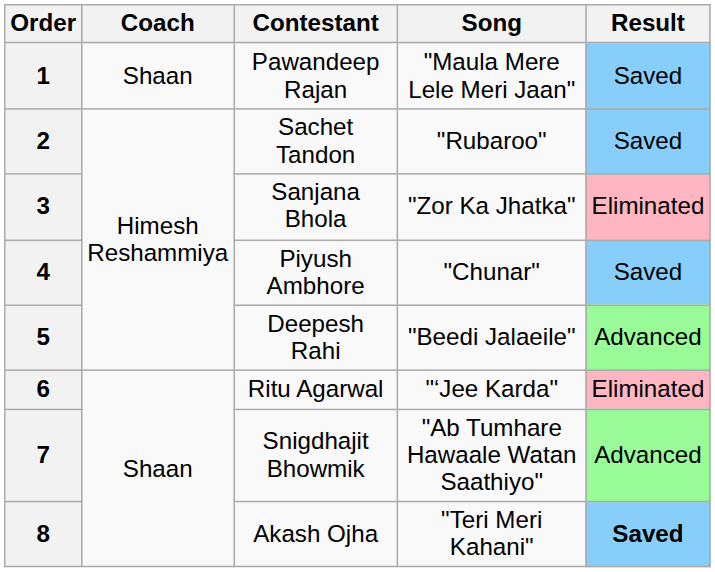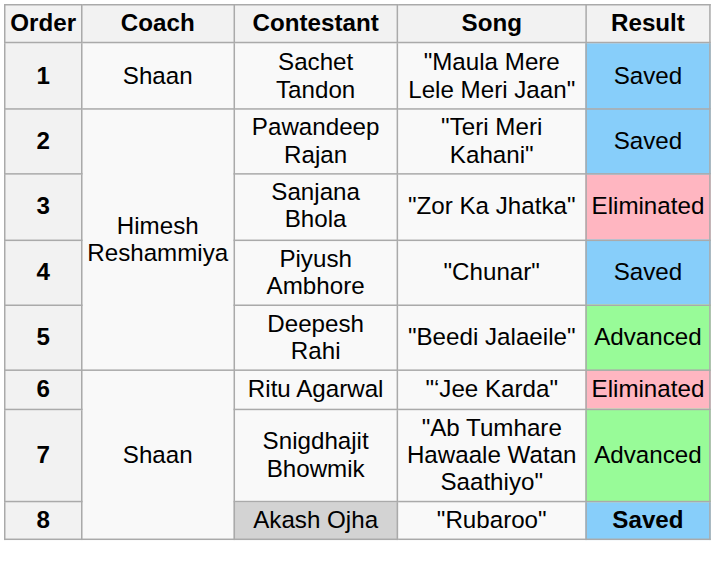 <table class="wikitable" style="width:75%; text-align:center;">
 <tr>
 <th width="040">Order</th>
 <th width="060">Coach</th>
 <th width="150">Contestant</th>
 <th width="250">Song</th>
 <th width="070">Result</th>
 </tr>
 <tr>
 <th>1</th>
 <td rowspan=1>Shaan</td>
-<td>Pawandeep Rajan</td>
+<td>Sachet Tandon</td>
 <td>"Maula Mere Lele Meri Jaan"</td>
 <td bgcolor="87CEFA">Saved</td>
 </tr>
 <tr>
 <th>2</th>
 <td rowspan=4>Himesh Reshammiya</td>
-<td>Sachet Tandon</td>
-<td>"Rubaroo"</td>
+<td>Pawandeep Rajan</td>
+<td>"Teri Meri Kahani"</td>
 <td bgcolor="87CEFA">Saved</td>
 </tr>
 <tr>
 <th>3</th>
 <td>Sanjana Bhola</td>
 <td>"Zor Ka Jhatka"</td>
 <td bgcolor="FFB6C1">Eliminated</td>
 </tr>
 <tr>
 <th>4</th>
 <td>Piyush Ambhore</td>
 <td>"Chunar"</td>
 <td bgcolor="87CEFA">Saved</td>
 </tr>
 <tr>
 <th>5</th>
 <td>Deepesh Rahi</td>
 <td>"Beedi Jalaeile"</td>
 <td bgcolor="98FB98">Advanced</td>
 </tr>
 <tr>
 <th>6</th>
 <td rowspan=3>Shaan</td>
 <td>Ritu Agarwal</td>
 <td>"‘Jee Karda"</td>
 <td bgcolor="FFB6C1">Eliminated</td>
 </tr>
 <tr>
 <th>7</th>
 <td>Snigdhajit Bhowmik</td>
 <td>"Ab Tumhare Hawaale Watan Saathiyo"</td>
 <td bgcolor="98FB98">Advanced</td>
 </tr>
 <tr>
 <th>8</th>
-<td>Akash Ojha</td>
-<td>"Teri Meri Kahani"</td>
+<td style="background: lightgrey;">Akash Ojha</td>
+<td>"Rubaroo"</td>
 <td bgcolor="87CEFA"><strong>Saved</strong></td>
 </tr>
 </table>
